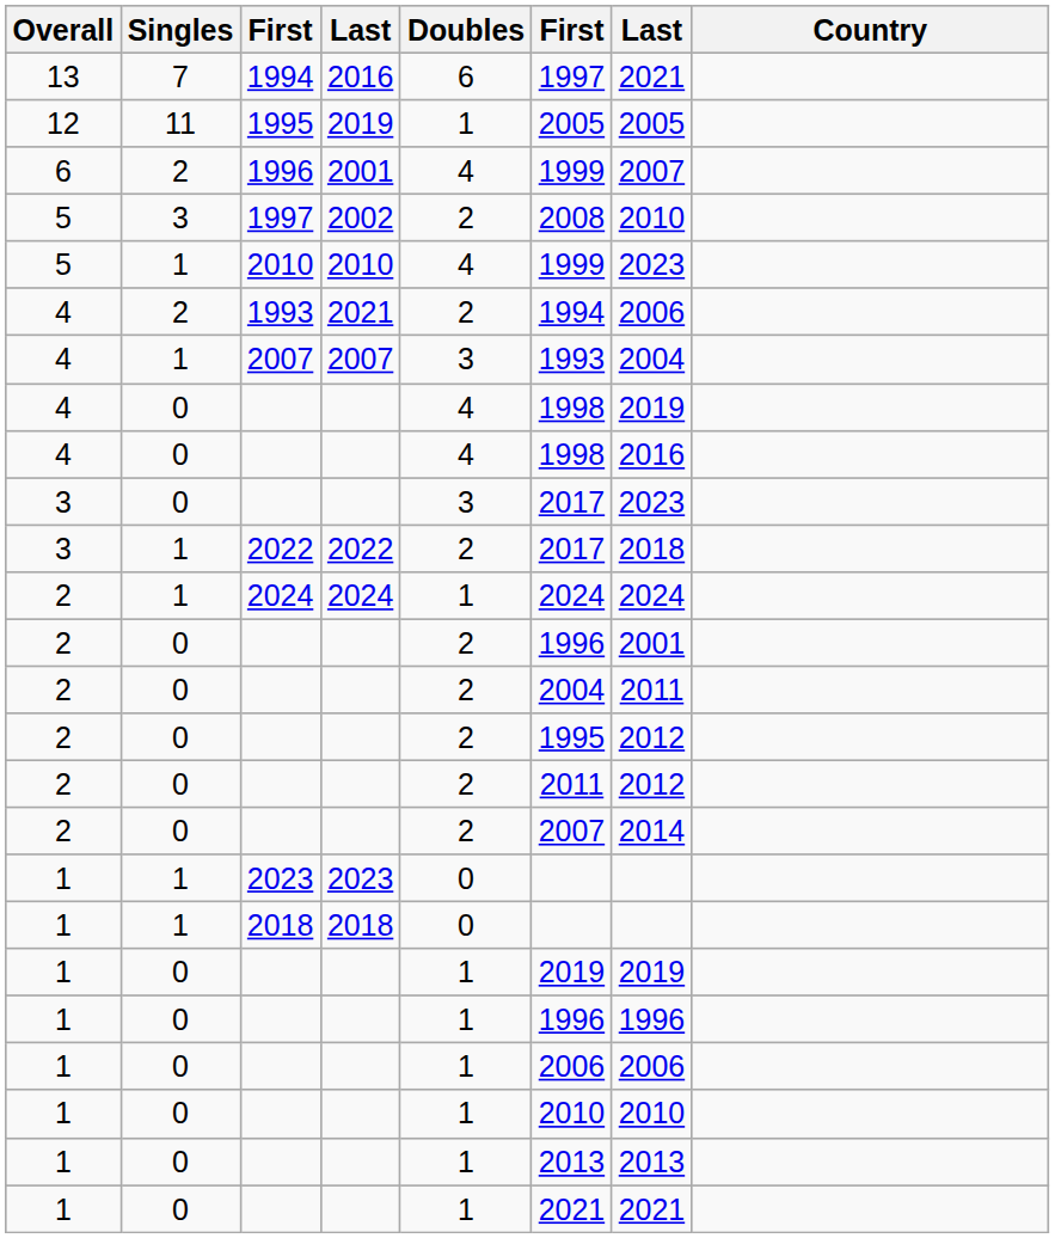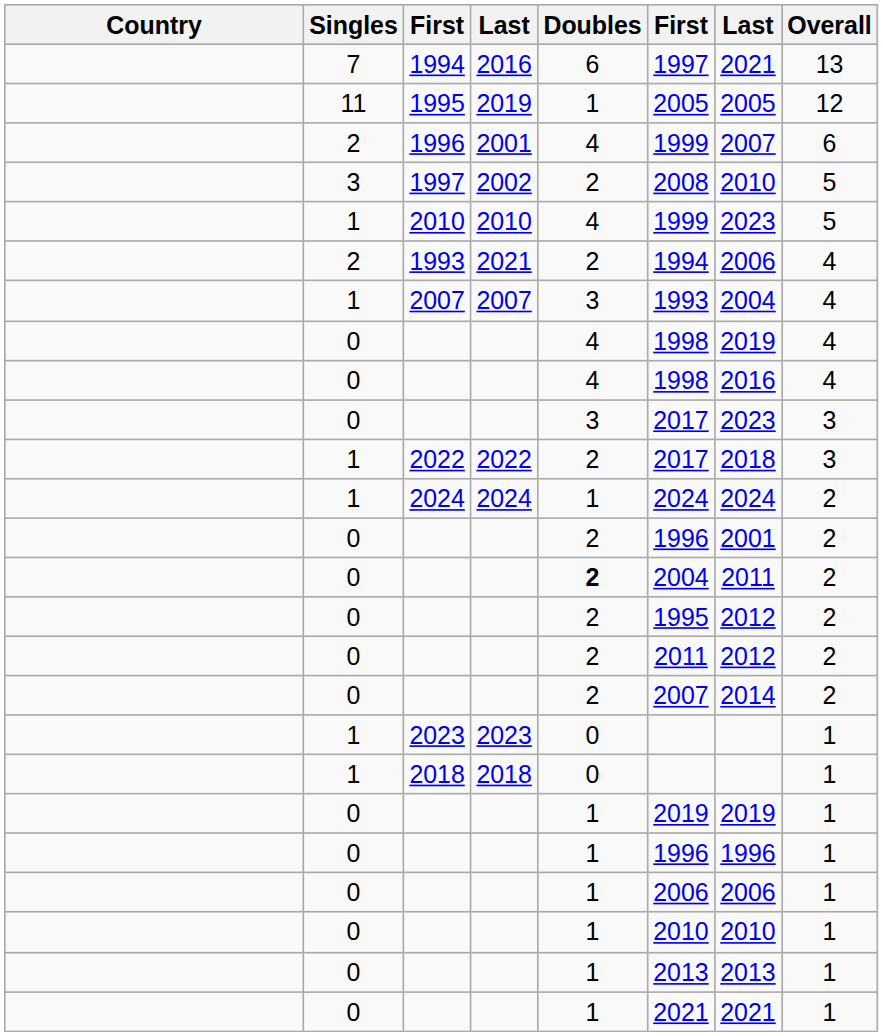 <table class="wikitable sortable" style="text-align:center; font-size:95%">
 <tr>
-<th>Overall</th>
+<th width="175">Country</th>
 <th>Singles</th>
 <th>First</th>
 <th>Last</th>
 <th>Doubles</th>
 <th>First</th>
 <th>Last</th>
-<th width="175">Country</th>
+<th>Overall</th>
 </tr>
 <tr>
-<td>13</td>
+<td align="left"></td>
 <td>7</td>
 <td><a href='#'>1994</a></td>
 <td><a href='#'>2016</a></td>
 <td>6</td>
 <td><a href='#'>1997</a></td>
 <td><a href='#'>2021</a></td>
-<td align="left"></td>
+<td>13</td>
 </tr>
 <tr>
-<td>12</td>
+<td align="left"></td>
 <td>11</td>
 <td><a href='#'>1995</a></td>
 <td><a href='#'>2019</a></td>
 <td>1</td>
 <td><a href='#'>2005</a></td>
 <td><a href='#'>2005</a></td>
-<td align="left"></td>
+<td>12</td>
 </tr>
 <tr>
-<td>6</td>
+<td align="left"></td>
 <td>2</td>
 <td><a href='#'>1996</a></td>
 <td><a href='#'>2001</a></td>
 <td>4</td>
 <td><a href='#'>1999</a></td>
 <td><a href='#'>2007</a></td>
-<td align="left"></td>
+<td>6</td>
 </tr>
 <tr>
-<td>5</td>
+<td align="left"></td>
 <td>3</td>
 <td><a href='#'>1997</a></td>
 <td><a href='#'>2002</a></td>
 <td>2</td>
 <td><a href='#'>2008</a></td>
 <td><a href='#'>2010</a></td>
-<td align="left"></td>
+<td>5</td>
 </tr>
 <tr>
-<td>5</td>
+<td align="left"></td>
 <td>1</td>
 <td><a href='#'>2010</a></td>
 <td><a href='#'>2010</a></td>
 <td>4</td>
 <td><a href='#'>1999</a></td>
 <td><a href='#'>2023</a></td>
-<td align="left"></td>
+<td>5</td>
 </tr>
 <tr>
-<td>4</td>
+<td align="left"></td>
 <td>2</td>
 <td><a href='#'>1993</a></td>
 <td><a href='#'>2021</a></td>
 <td>2</td>
 <td><a href='#'>1994</a></td>
 <td><a href='#'>2006</a></td>
-<td align="left"></td>
+<td>4</td>
 </tr>
 <tr>
-<td>4</td>
+<td align="left"></td>
 <td>1</td>
 <td><a href='#'>2007</a></td>
 <td><a href='#'>2007</a></td>
 <td>3</td>
 <td><a href='#'>1993</a></td>
 <td><a href='#'>2004</a></td>
-<td align="left"></td>
+<td>4</td>
 </tr>
 <tr>
-<td>4</td>
+<td align="left"></td>
 <td>0</td>
 <td></td>
 <td></td>
 <td>4</td>
 <td><a href='#'>1998</a></td>
 <td><a href='#'>2019</a></td>
-<td align="left"></td>
+<td>4</td>
 </tr>
 <tr>
-<td>4</td>
+<td align="left"></td>
 <td>0</td>
 <td></td>
 <td></td>
 <td>4</td>
 <td><a href='#'>1998</a></td>
 <td><a href='#'>2016</a></td>
-<td align="left"></td>
+<td>4</td>
 </tr>
 <tr>
-<td>3</td>
+<td align="left"></td>
 <td>0</td>
 <td></td>
 <td></td>
 <td>3</td>
 <td><a href='#'>2017</a></td>
 <td><a href='#'>2023</a></td>
-<td align="left"></td>
+<td>3</td>
 </tr>
 <tr>
-<td>3</td>
+<td align="left"></td>
 <td>1</td>
 <td><a href='#'>2022</a></td>
 <td><a href='#'>2022</a></td>
 <td>2</td>
 <td><a href='#'>2017</a></td>
 <td><a href='#'>2018</a></td>
-<td align="left"></td>
+<td>3</td>
 </tr>
 <tr>
-<td>2</td>
+<td align="left"></td>
 <td>1</td>
 <td><a href='#'>2024</a></td>
 <td><a href='#'>2024</a></td>
 <td>1</td>
 <td><a href='#'>2024</a></td>
 <td><a href='#'>2024</a></td>
-<td align="left"></td>
+<td>2</td>
 </tr>
 <tr>
-<td>2</td>
+<td align="left"></td>
 <td>0</td>
 <td></td>
 <td></td>
 <td>2</td>
 <td><a href='#'>1996</a></td>
 <td><a href='#'>2001</a></td>
-<td align="left"></td>
+<td>2</td>
 </tr>
 <tr>
-<td>2</td>
+<td align="left"></td>
 <td>0</td>
 <td></td>
 <td></td>
-<td>2</td>
+<td><strong>2</strong></td>
 <td><a href='#'>2004</a></td>
 <td><a href='#'>2011</a></td>
-<td align="left"></td>
+<td>2</td>
 </tr>
 <tr>
-<td>2</td>
+<td align="left"></td>
 <td>0</td>
 <td></td>
 <td></td>
 <td>2</td>
 <td><a href='#'>1995</a></td>
 <td><a href='#'>2012</a></td>
-<td align="left"></td>
+<td>2</td>
 </tr>
 <tr>
-<td>2</td>
+<td align="left"></td>
 <td>0</td>
 <td></td>
 <td></td>
 <td>2</td>
 <td><a href='#'>2011</a></td>
 <td><a href='#'>2012</a></td>
-<td align="left"></td>
+<td>2</td>
 </tr>
 <tr>
-<td>2</td>
+<td align="left"></td>
 <td>0</td>
 <td></td>
 <td></td>
 <td>2</td>
 <td><a href='#'>2007</a></td>
 <td><a href='#'>2014</a></td>
-<td align="left"></td>
+<td>2</td>
 </tr>
 <tr>
-<td>1</td>
+<td align="left"></td>
 <td>1</td>
 <td><a href='#'>2023</a></td>
 <td><a href='#'>2023</a></td>
 <td>0</td>
 <td></td>
 <td></td>
-<td align="left"></td>
+<td>1</td>
 </tr>
 <tr>
-<td>1</td>
+<td align="left"></td>
 <td>1</td>
 <td><a href='#'>2018</a></td>
 <td><a href='#'>2018</a></td>
 <td>0</td>
 <td></td>
 <td></td>
-<td align="left"></td>
+<td>1</td>
 </tr>
 <tr>
-<td>1</td>
+<td align="left"></td>
 <td>0</td>
 <td></td>
 <td></td>
 <td>1</td>
 <td><a href='#'>2019</a></td>
 <td><a href='#'>2019</a></td>
-<td align="left"></td>
+<td>1</td>
 </tr>
 <tr>
-<td>1</td>
+<td align="left"></td>
 <td>0</td>
 <td></td>
 <td></td>
 <td>1</td>
 <td><a href='#'>1996</a></td>
 <td><a href='#'>1996</a></td>
-<td align="left"></td>
+<td>1</td>
 </tr>
 <tr>
-<td>1</td>
+<td align="left"></td>
 <td>0</td>
 <td></td>
 <td></td>
 <td>1</td>
 <td><a href='#'>2006</a></td>
 <td><a href='#'>2006</a></td>
-<td align="left"></td>
+<td>1</td>
 </tr>
 <tr>
-<td>1</td>
+<td align="left"></td>
 <td>0</td>
 <td></td>
 <td></td>
 <td>1</td>
 <td><a href='#'>2010</a></td>
 <td><a href='#'>2010</a></td>
-<td align="left"></td>
+<td>1</td>
 </tr>
 <tr>
-<td>1</td>
+<td align="left"></td>
 <td>0</td>
 <td></td>
 <td></td>
 <td>1</td>
 <td><a href='#'>2013</a></td>
 <td><a href='#'>2013</a></td>
-<td align="left"></td>
+<td>1</td>
 </tr>
 <tr>
-<td>1</td>
+<td align="left"></td>
 <td>0</td>
 <td></td>
 <td></td>
 <td>1</td>
 <td><a href='#'>2021</a></td>
 <td><a href='#'>2021</a></td>
-<td align="left"></td>
+<td>1</td>
 </tr>
 </table>
